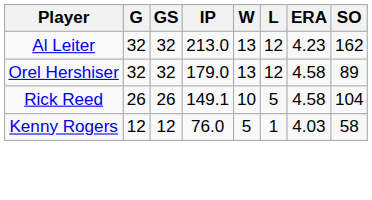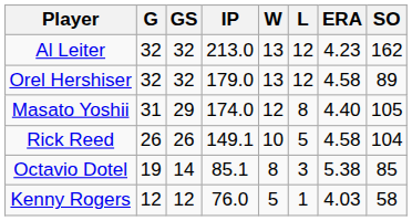 <table class="wikitable sortable">
 <tr>
 <th>Player</th>
 <th>G</th>
 <th>GS</th>
 <th>IP</th>
 <th>W</th>
 <th>L</th>
 <th>ERA</th>
 <th>SO</th>
 </tr>
 <tr style="text-align: center">
 <td><a href='#'>Al Leiter</a></td>
 <td>32</td>
 <td>32</td>
 <td>213.0</td>
 <td>13</td>
 <td>12</td>
 <td>4.23</td>
 <td>162</td>
 </tr>
 <tr style="text-align: center">
 <td><a href='#'>Orel Hershiser</a></td>
 <td>32</td>
 <td>32</td>
 <td>179.0</td>
 <td>13</td>
 <td>12</td>
 <td>4.58</td>
 <td>89</td>
 </tr>
 <tr style="text-align: center">
+<td><a href='#'>Masato Yoshii</a></td>
+<td>31</td>
+<td>29</td>
+<td>174.0</td>
+<td>12</td>
+<td>8</td>
+<td>4.40</td>
+<td>105</td>
+</tr>
+<tr style="text-align: center">
 <td><a href='#'>Rick Reed</a></td>
 <td>26</td>
 <td>26</td>
 <td>149.1</td>
 <td>10</td>
 <td>5</td>
 <td>4.58</td>
 <td>104</td>
+</tr>
+<tr style="text-align: center">
+<td><a href='#'>Octavio Dotel</a></td>
+<td>19</td>
+<td>14</td>
+<td>85.1</td>
+<td>8</td>
+<td>3</td>
+<td>5.38</td>
+<td>85</td>
 </tr>
 <tr style="text-align: center">
 <td><a href='#'>Kenny Rogers</a></td>
 <td>12</td>
 <td>12</td>
 <td>76.0</td>
 <td>5</td>
 <td>1</td>
 <td>4.03</td>
 <td>58</td>
 </tr>
 </table>
